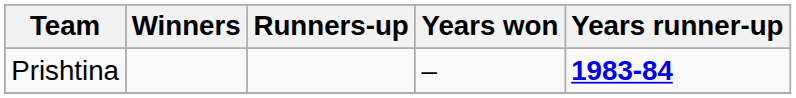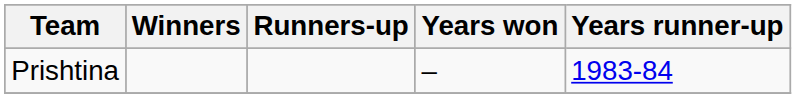 <table class="wikitable sortable">
 <tr>
 <th>Team</th>
 <th>Winners</th>
 <th>Runners-up</th>
 <th class="unsortable">Years won</th>
 <th class="unsortable">Years runner-up</th>
 </tr>
 <tr>
 <td>Prishtina</td>
 <td></td>
 <td></td>
 <td>–</td>
-<td><strong><a href='#'>1983-84</a></strong></td>
+<td><a href='#'>1983-84</a></td>
 </tr>
 <tr>
 </tr>
 </table>
